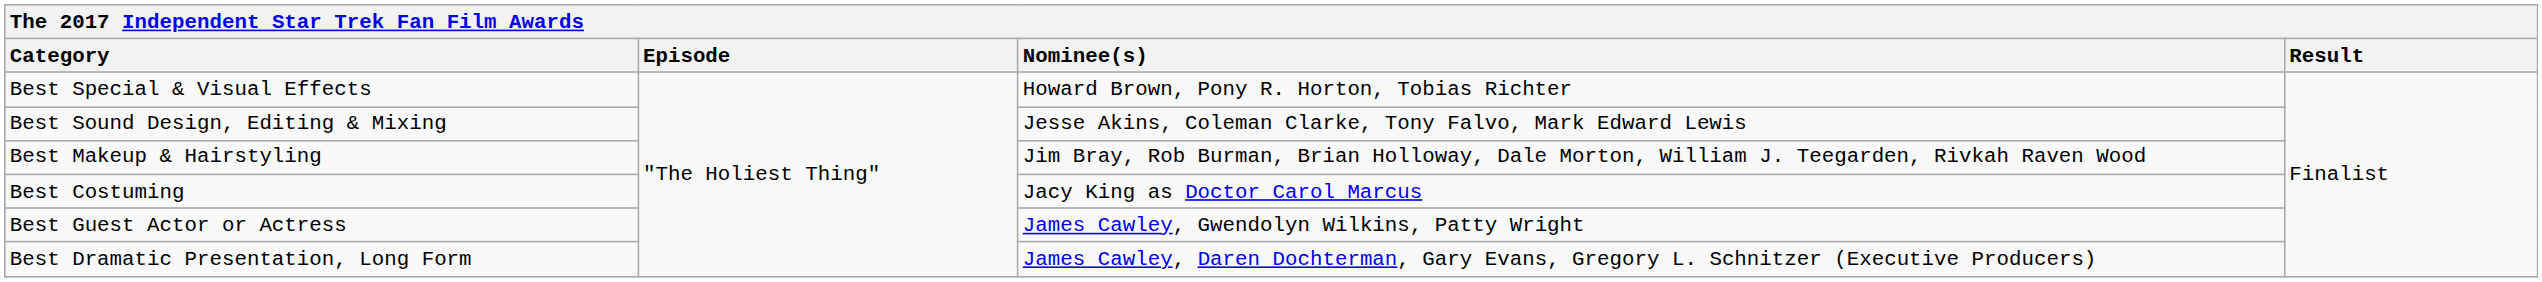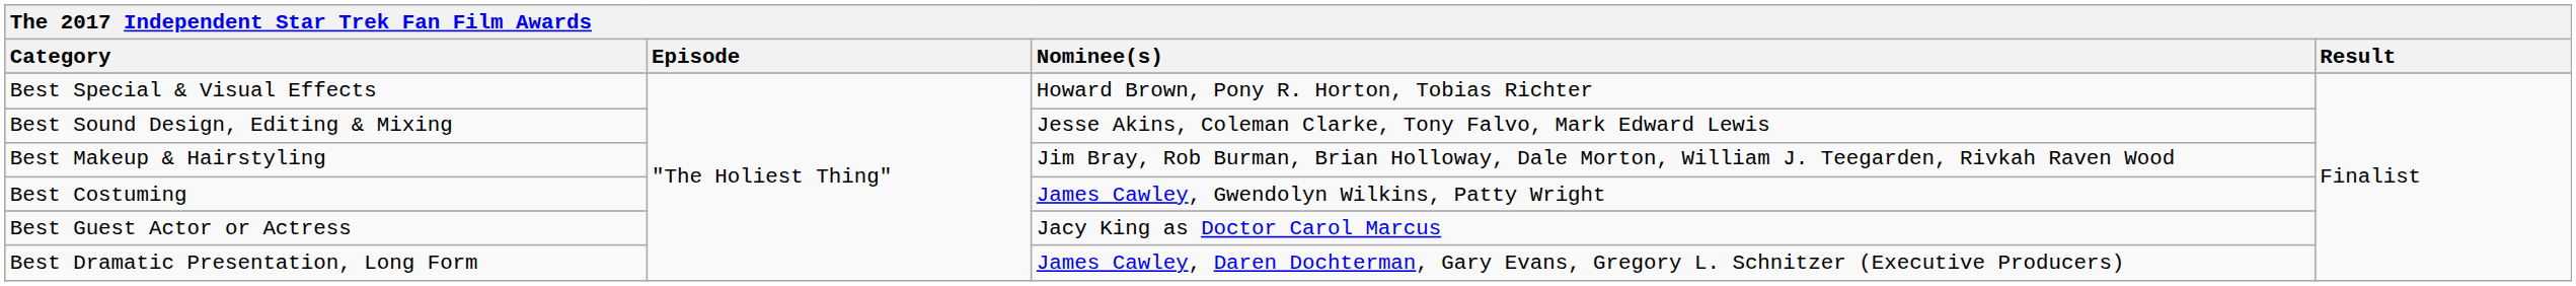 <table class="wikitable" width=100%>
 <tr>
 <th colspan="4" ! style="text-align:left;">The 2017 <a href='#'>Independent Star Trek Fan Film Awards</a></th>
 </tr>
 <tr>
 <th style="text-align:left; width: 25%;">Category</th>
 <th style="text-align:left; width: 15%;">Episode</th>
 <th style="text-align:left; width: 50%;">Nominee(s)</th>
 <th style="text-align:left; width: 10%;">Result</th>
 </tr>
 <tr>
 <td>Best Special & Visual Effects</td>
 <td rowspan="6">"The Holiest Thing"</td>
 <td>Howard Brown, Pony R. Horton, Tobias Richter</td>
 <td rowspan="6">Finalist</td>
 </tr>
 <tr>
 <td>Best Sound Design, Editing & Mixing</td>
 <td>Jesse Akins, Coleman Clarke, Tony Falvo, Mark Edward Lewis</td>
 </tr>
 <tr>
 <td>Best Makeup & Hairstyling</td>
 <td>Jim Bray, Rob Burman, Brian Holloway, Dale Morton, William J. Teegarden, Rivkah Raven Wood</td>
 </tr>
 <tr>
 <td>Best Costuming</td>
-<td>Jacy King as <a href='#'>Doctor Carol Marcus</a></td>
+<td><a href='#'>James Cawley</a>, Gwendolyn Wilkins, Patty Wright</td>
 </tr>
 <tr>
 <td>Best Guest Actor or Actress</td>
-<td><a href='#'>James Cawley</a>, Gwendolyn Wilkins, Patty Wright</td>
+<td>Jacy King as <a href='#'>Doctor Carol Marcus</a></td>
 </tr>
 <tr>
 <td>Best Dramatic Presentation, Long Form</td>
 <td><a href='#'>James Cawley</a>, <a href='#'>Daren Dochterman</a>, Gary Evans, Gregory L. Schnitzer (Executive Producers)</td>
 </tr>
 </table>
